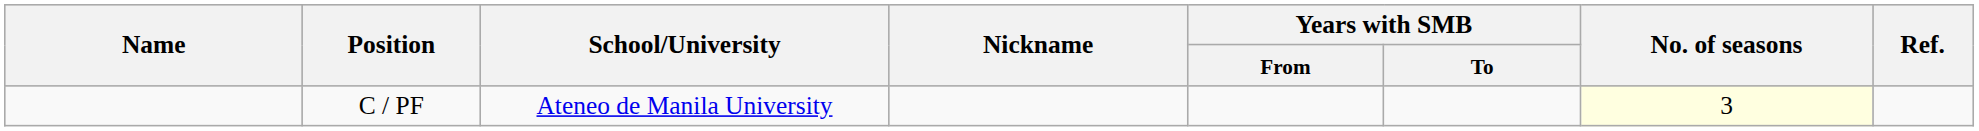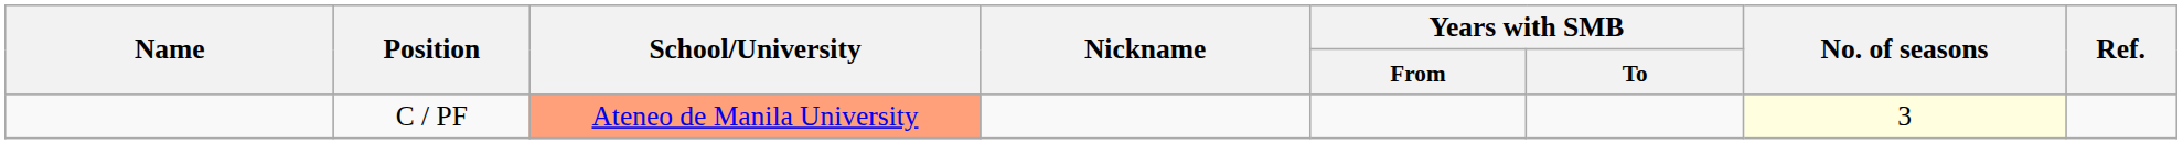 <table class="wikitable sortable" style="text-align:center" width="98%">
 <tr>
 <th style="width:180px;" rowspan="2">Name</th>
 <th rowspan="2">Position</th>
 <th style="width:250px;" rowspan="2">School/University</th>
 <th style="width:180px;" rowspan="2">Nickname</th>
 <th style="width:180px; text-align:center;" colspan="2">Years with SMB</th>
 <th rowspan="2">No. of seasons</th>
 <th rowspan="2"; class=unsortable>Ref.</th>
 </tr>
 <tr>
 <th style="width:10%; text-align:center;"><small>From</small></th>
 <th style="width:10%; text-align:center;"><small>To</small></th>
 </tr>
 <tr>
 <td></td>
 <td>C / PF</td>
-<td><a href='#'>Ateneo de Manila University</a></td>
+<td style="background: lightsalmon;"><a href='#'>Ateneo de Manila University</a></td>
 <td></td>
 <td></td>
 <td></td>
 <td style="background: lightyellow;">3</td>
 <td></td>
 </tr>
 </table>
